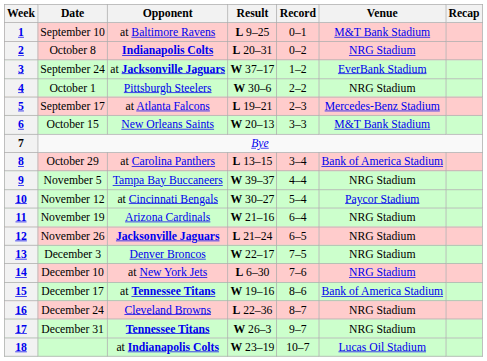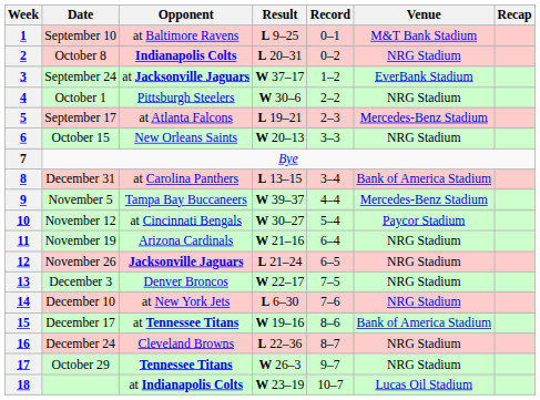 <table class="wikitable" style="text-align:center">
 <tr>
 <th>Week</th>
 <th>Date</th>
 <th>Opponent</th>
 <th>Result</th>
 <th>Record</th>
 <th>Venue</th>
 <th>Recap</th>
 </tr>
 <tr style="background:#fcc">
 <th><a href='#'>1</a></th>
 <td>September 10</td>
 <td>at <a href='#'>Baltimore Ravens</a></td>
 <td><strong>L</strong> 9–25</td>
 <td>0–1</td>
 <td><a href='#'>M&T Bank Stadium</a></td>
 <td></td>
 </tr>
 <tr style="background:#fcc">
 <th><a href='#'>2</a></th>
 <td>October 8</td>
 <td><strong><a href='#'>Indianapolis Colts</a></strong></td>
 <td><strong>L</strong> 20–31</td>
 <td>0–2</td>
 <td><a href='#'>NRG Stadium</a></td>
 <td></td>
 </tr>
 <tr style="background:#cfc">
 <th><a href='#'>3</a></th>
 <td>September 24</td>
 <td>at <strong><a href='#'>Jacksonville Jaguars</a></strong></td>
 <td><strong>W</strong> 37–17</td>
 <td>1–2</td>
 <td><a href='#'>EverBank Stadium</a></td>
 <td></td>
 </tr>
 <tr style="background:#cfc">
 <th><a href='#'>4</a></th>
 <td>October 1</td>
 <td><a href='#'>Pittsburgh Steelers</a></td>
 <td><strong>W</strong> 30–6</td>
 <td>2–2</td>
 <td>NRG Stadium</td>
 <td></td>
 </tr>
 <tr style="background:#fcc">
 <th><a href='#'>5</a></th>
 <td>September 17</td>
 <td>at <a href='#'>Atlanta Falcons</a></td>
 <td><strong>L</strong> 19–21</td>
 <td>2–3</td>
 <td><a href='#'>Mercedes-Benz Stadium</a></td>
 <td></td>
 </tr>
 <tr style="background:#cfc">
 <th><a href='#'>6</a></th>
 <td>October 15</td>
 <td><a href='#'>New Orleans Saints</a></td>
 <td><strong>W</strong> 20–13</td>
 <td>3–3</td>
-<td><a href='#'>M&T Bank Stadium</a></td>
+<td>NRG Stadium</td>
 <td></td>
 </tr>
 <tr>
 <th>7</th>
 <td colspan="6"><em><a href='#'>Bye</a></em></td>
 </tr>
 <tr style="background:#fcc">
 <th><a href='#'>8</a></th>
-<td>October 29</td>
+<td>December 31</td>
 <td>at <a href='#'>Carolina Panthers</a></td>
 <td><strong>L</strong> 13–15</td>
 <td>3–4</td>
 <td><a href='#'>Bank of America Stadium</a></td>
 <td></td>
 </tr>
 <tr style="background:#cfc">
 <th><a href='#'>9</a></th>
 <td>November 5</td>
 <td><a href='#'>Tampa Bay Buccaneers</a></td>
 <td><strong>W</strong> 39–37</td>
 <td>4–4</td>
-<td>NRG Stadium</td>
+<td><a href='#'>Mercedes-Benz Stadium</a></td>
 <td></td>
 </tr>
 <tr style="background:#cfc">
 <th><a href='#'>10</a></th>
 <td>November 12</td>
 <td>at <a href='#'>Cincinnati Bengals</a></td>
 <td><strong>W</strong> 30–27</td>
 <td>5–4</td>
 <td><a href='#'>Paycor Stadium</a></td>
 <td></td>
 </tr>
 <tr style="background:#cfc">
 <th><a href='#'>11</a></th>
 <td>November 19</td>
 <td><a href='#'>Arizona Cardinals</a></td>
 <td><strong>W</strong> 21–16</td>
 <td>6–4</td>
 <td>NRG Stadium</td>
 <td></td>
 </tr>
 <tr style="background:#fcc">
 <th><a href='#'>12</a></th>
 <td>November 26</td>
 <td><strong><a href='#'>Jacksonville Jaguars</a></strong></td>
 <td><strong>L</strong> 21–24</td>
 <td>6–5</td>
 <td>NRG Stadium</td>
 <td></td>
 </tr>
 <tr style="background:#cfc">
 <th><a href='#'>13</a></th>
 <td>December 3</td>
 <td><a href='#'>Denver Broncos</a></td>
 <td><strong>W</strong> 22–17</td>
 <td>7–5</td>
 <td>NRG Stadium</td>
 <td></td>
 </tr>
 <tr style="background:#fcc">
 <th><a href='#'>14</a></th>
 <td>December 10</td>
 <td>at <a href='#'>New York Jets</a></td>
 <td><strong>L</strong> 6–30</td>
 <td>7–6</td>
 <td><a href='#'>NRG Stadium</a></td>
 <td></td>
 </tr>
 <tr style="background:#cfc">
 <th><a href='#'>15</a></th>
 <td>December 17</td>
 <td>at <strong><a href='#'>Tennessee Titans</a></strong></td>
 <td><strong>W</strong> 19–16 </td>
 <td>8–6</td>
 <td><a href='#'>Bank of America Stadium</a></td>
 <td></td>
 </tr>
 <tr style="background:#fcc">
 <th><a href='#'>16</a></th>
 <td>December 24</td>
 <td><a href='#'>Cleveland Browns</a></td>
 <td><strong>L</strong> 22–36</td>
 <td>8–7</td>
 <td>NRG Stadium</td>
 <td></td>
 </tr>
 <tr style="background:#cfc">
 <th><a href='#'>17</a></th>
-<td>December 31</td>
+<td>October 29</td>
 <td><strong><a href='#'>Tennessee Titans</a></strong></td>
 <td><strong>W</strong> 26–3</td>
 <td>9–7</td>
 <td>NRG Stadium</td>
 <td></td>
 </tr>
 <tr style="background:#cfc">
 <th><a href='#'>18</a></th>
 <td></td>
 <td>at <strong><a href='#'>Indianapolis Colts</a></strong></td>
 <td><strong>W</strong> 23–19</td>
 <td>10–7</td>
 <td><a href='#'>Lucas Oil Stadium</a></td>
 <td></td>
 </tr>
 </table>
